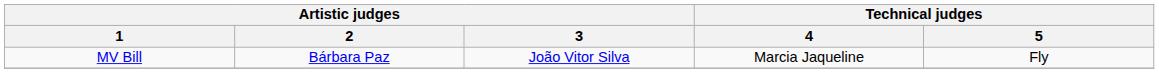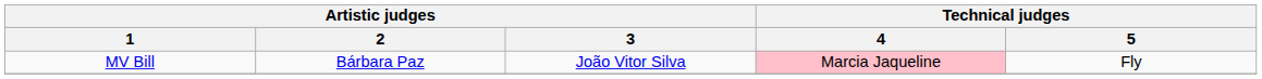 <table class="wikitable" style="font-size:100%; line-height:16px; text-align:center" width="100%">
 <tr>
 <th colspan=3>Artistic judges</th>
 <th colspan=2>Technical judges</th>
 </tr>
 <tr>
 <th>1</th>
 <th>2</th>
 <th>3</th>
 <th>4</th>
 <th>5</th>
 </tr>
 <tr>
 <td width=150><a href='#'>MV Bill</a></td>
 <td width=150><a href='#'>Bárbara Paz</a></td>
 <td width=150><a href='#'>João Vitor Silva</a></td>
-<td width=150>Marcia Jaqueline</td>
+<td width=150 style="background: pink;">Marcia Jaqueline</td>
 <td width=150>Fly</td>
 </tr>
 <tr>
 </tr>
 </table>
